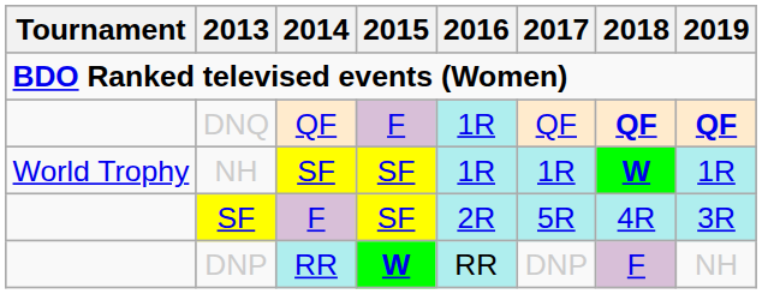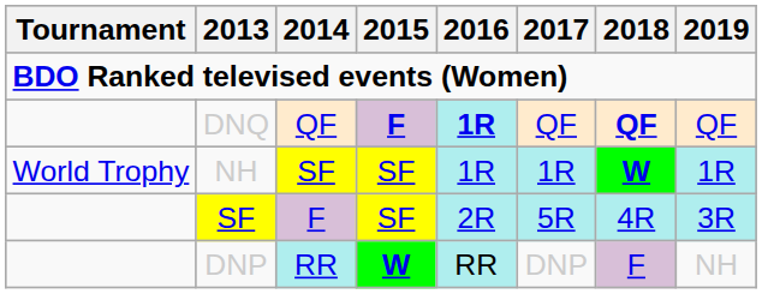 <table class="wikitable" style="text-align:center;font-size:95%">
 <tr>
 <th>Tournament</th>
 <th>2013</th>
 <th>2014</th>
 <th>2015</th>
 <th>2016</th>
 <th>2017</th>
 <th>2018</th>
 <th>2019</th>
 </tr>
 <tr>
 <td colspan="14" align="left"><strong><a href='#'>BDO</a> Ranked televised events (Women)</strong></td>
 </tr>
 <tr>
 <td align="left"></td>
 <td style="text-align:center; color:#ccc;">DNQ</td>
 <td style="text-align:center; background:#ffebcd;"><a href='#'>QF</a></td>
-<td style="text-align:center; background:thistle;"><a href='#'>F</a></td>
-<td style="text-align:center; background:#afeeee;"><a href='#'>1R</a></td>
+<td style="text-align:center; background:thistle;"><strong><a href='#'>F</a></strong></td>
+<td style="text-align:center; background:#afeeee;"><strong><a href='#'>1R</a></strong></td>
 <td style="text-align:center; background:#ffebcd;"><a href='#'>QF</a></td>
 <td style="text-align:center; background:#ffebcd;"><strong><a href='#'>QF</a></strong></td>
-<td style="text-align:center; background:#ffebcd;"><strong><a href='#'>QF</a></strong></td>
+<td style="text-align:center; background:#ffebcd;"><a href='#'>QF</a></td>
 </tr>
 <tr>
 <td align="left"><a href='#'>World Trophy</a></td>
 <td style="text-align:center; color:#ccc;">NH</td>
 <td style="text-align:center; background:yellow;"><a href='#'>SF</a></td>
 <td style="text-align:center; background:yellow;"><a href='#'>SF</a></td>
 <td style="text-align:center; background:#afeeee;"><a href='#'>1R</a></td>
 <td style="text-align:center; background:#afeeee;"><a href='#'>1R</a></td>
 <td style="text-align:center; background:lime;"><strong><a href='#'>W</a></strong></td>
 <td style="text-align:center; background:#afeeee;"><a href='#'>1R</a></td>
 </tr>
 <tr>
 <td align="left"></td>
 <td style="text-align:center; background:yellow;"><a href='#'>SF</a></td>
 <td style="text-align:center; background:thistle;"><a href='#'>F</a></td>
 <td style="text-align:center; background:yellow;"><a href='#'>SF</a></td>
 <td style="text-align:center; background:#afeeee;"><a href='#'>2R</a></td>
 <td style="text-align:center; background:#afeeee;"><a href='#'>5R</a></td>
 <td style="text-align:center; background:#afeeee;"><a href='#'>4R</a></td>
 <td style="text-align:center; background:#afeeee;"><a href='#'>3R</a></td>
 </tr>
 <tr>
 <td align="left"></td>
 <td style="text-align:center; color:#ccc;">DNP</td>
 <td style="text-align:center; background:#afeeee;"><a href='#'>RR</a></td>
 <td style="text-align:center; background:lime;"><strong><a href='#'>W</a></strong></td>
 <td style="text-align:center; background:#afeeee;">RR</td>
 <td style="text-align:center; color:#ccc;">DNP</td>
 <td style="text-align:center; background:thistle;"><a href='#'>F</a></td>
 <td style="text-align:center; color:#ccc;">NH</td>
 </tr>
 </table>
